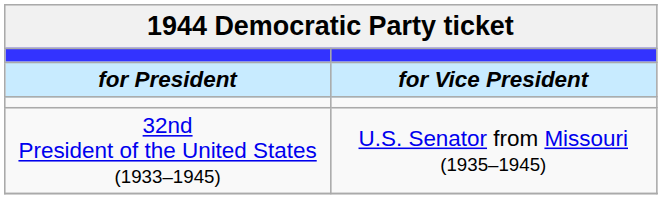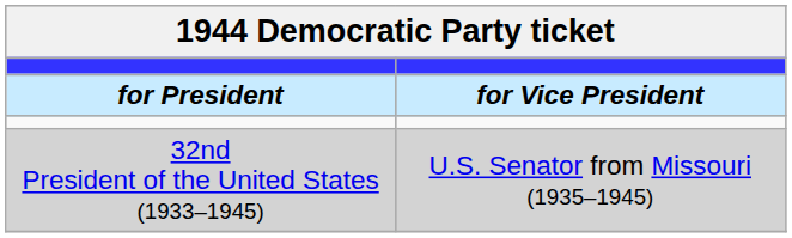 <table class="wikitable" style="font-size:90%; text-align:center;">
 <tr>
 <td style="background:#f1f1f1;" colspan="30"><big><strong>1944 Democratic Party ticket </strong></big></td>
 </tr>
 <tr>
 <th style="width:3em; font-size:135%; background:#3333FF; width:200px;"><a href='#'></a></th>
 <th style="width:3em; font-size:135%; background:#3333FF; width:200px;"><a href='#'></a></th>
 </tr>
 <tr>
 <td style="width:3em; font-size:100%; color:#000; background:#C8EBFF; width:200px;"><strong><em>for President</em></strong></td>
 <td style="width:3em; font-size:100%; color:#000; background:#C8EBFF; width:200px;"><strong><em>for Vice President</em></strong></td>
 </tr>
 <tr>
 <td></td>
 <td></td>
 </tr>
 <tr>
-<td><a href='#'>32nd</a><br><a href='#'>President of the United States</a><br><small>(1933–1945)</small></td>
-<td><a href='#'>U.S. Senator</a> from <a href='#'>Missouri</a><br><small>(1935–1945)</small></td>
+<td style="background: lightgrey;"><a href='#'>32nd</a><br><a href='#'>President of the United States</a><br><small>(1933–1945)</small></td>
+<td style="background: lightgrey;"><a href='#'>U.S. Senator</a> from <a href='#'>Missouri</a><br><small>(1935–1945)</small></td>
 </tr>
 <tr>
 </tr>
 </table>
